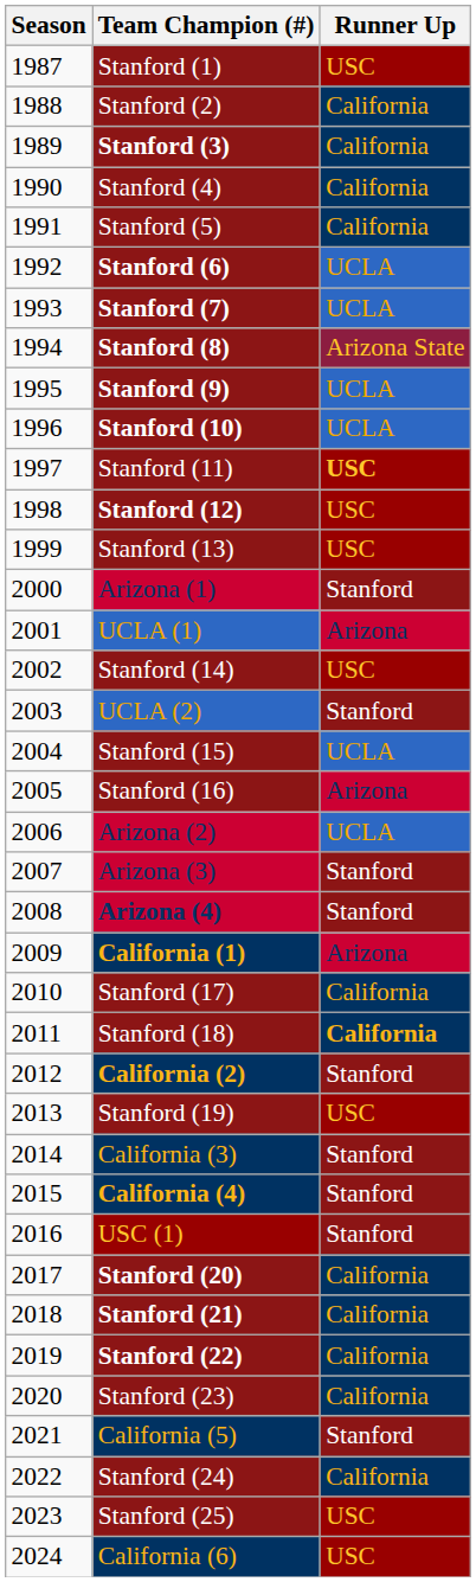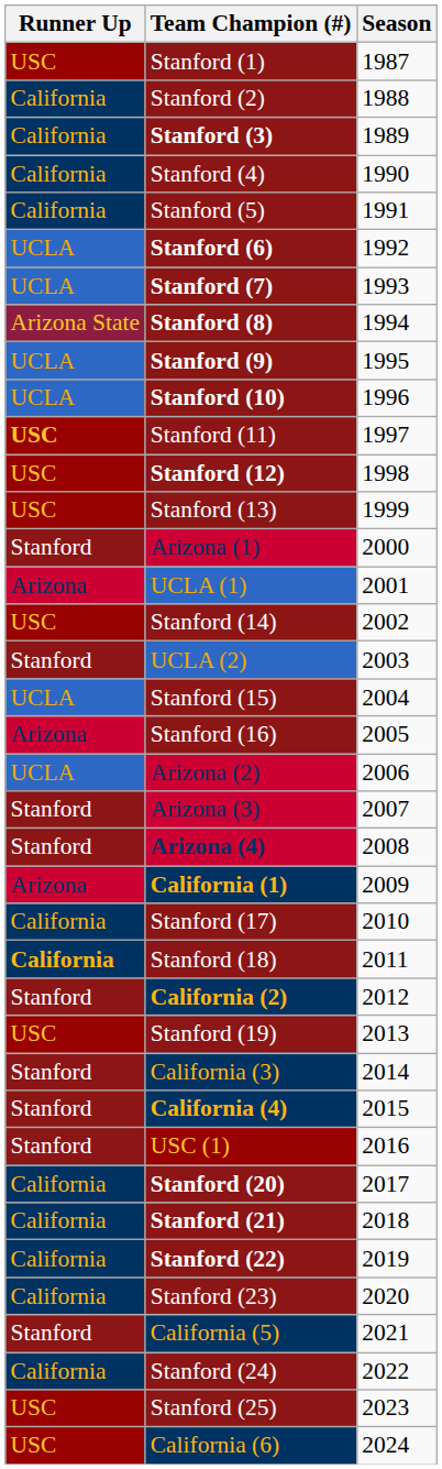 <table class="wikitable">
 <tr>
+<th>Runner Up</th>
+<th>Team Champion (#)</th>
 <th>Season</th>
-<th>Team Champion (#)</th>
-<th>Runner Up</th>
 </tr>
 <tr>
+<td style="background:#990000; color:#FFC72C;">USC</td>
+<td style="background:#8C1515; color:#FFFFFF;">Stanford (1)</td>
 <td>1987</td>
-<td style="background:#8C1515; color:#FFFFFF;">Stanford (1)</td>
-<td style="background:#990000; color:#FFC72C;">USC</td>
 </tr>
 <tr>
+<td style="background:#003262; color:#FDB515;">California</td>
+<td style="background:#8C1515; color:#FFFFFF;">Stanford (2)</td>
 <td>1988</td>
-<td style="background:#8C1515; color:#FFFFFF;">Stanford (2)</td>
-<td style="background:#003262; color:#FDB515;">California</td>
 </tr>
 <tr>
+<td style="background:#003262; color:#FDB515;">California</td>
+<td style="background:#8C1515; color:#FFFFFF;"><strong>Stanford (3)</strong></td>
 <td>1989</td>
-<td style="background:#8C1515; color:#FFFFFF;"><strong>Stanford (3)</strong></td>
-<td style="background:#003262; color:#FDB515;">California</td>
 </tr>
 <tr>
+<td style="background:#003262; color:#FDB515;">California</td>
+<td style="background:#8C1515; color:#FFFFFF;">Stanford (4)</td>
 <td>1990</td>
-<td style="background:#8C1515; color:#FFFFFF;">Stanford (4)</td>
-<td style="background:#003262; color:#FDB515;">California</td>
 </tr>
 <tr>
+<td style="background:#003262; color:#FDB515;">California</td>
+<td style="background:#8C1515; color:#FFFFFF;">Stanford (5)</td>
 <td>1991</td>
-<td style="background:#8C1515; color:#FFFFFF;">Stanford (5)</td>
-<td style="background:#003262; color:#FDB515;">California</td>
 </tr>
 <tr>
+<td style="background:#2D68C4; color:#F2A900;">UCLA</td>
+<td style="background:#8C1515; color:#FFFFFF;"><strong>Stanford (6)</strong></td>
 <td>1992</td>
-<td style="background:#8C1515; color:#FFFFFF;"><strong>Stanford (6)</strong></td>
-<td style="background:#2D68C4; color:#F2A900;">UCLA</td>
 </tr>
 <tr>
+<td style="background:#2D68C4; color:#F2A900;">UCLA</td>
+<td style="background:#8C1515; color:#FFFFFF;"><strong>Stanford (7)</strong></td>
 <td>1993</td>
-<td style="background:#8C1515; color:#FFFFFF;"><strong>Stanford (7)</strong></td>
-<td style="background:#2D68C4; color:#F2A900;">UCLA</td>
 </tr>
 <tr>
+<td style="background:#8C1D40; color:#FFC627;">Arizona State</td>
+<td style="background:#8C1515; color:#FFFFFF;"><strong>Stanford (8)</strong></td>
 <td>1994</td>
-<td style="background:#8C1515; color:#FFFFFF;"><strong>Stanford (8)</strong></td>
-<td style="background:#8C1D40; color:#FFC627;">Arizona State</td>
 </tr>
 <tr>
+<td style="background:#2D68C4; color:#F2A900;">UCLA</td>
+<td style="background:#8C1515; color:#FFFFFF;"><strong>Stanford (9)</strong></td>
 <td>1995</td>
-<td style="background:#8C1515; color:#FFFFFF;"><strong>Stanford (9)</strong></td>
-<td style="background:#2D68C4; color:#F2A900;">UCLA</td>
 </tr>
 <tr>
+<td style="background:#2D68C4; color:#F2A900;">UCLA</td>
+<td style="background:#8C1515; color:#FFFFFF;"><strong>Stanford (10)</strong></td>
 <td>1996</td>
-<td style="background:#8C1515; color:#FFFFFF;"><strong>Stanford (10)</strong></td>
-<td style="background:#2D68C4; color:#F2A900;">UCLA</td>
 </tr>
 <tr>
+<td style="background:#990000; color:#FFC72C;"><strong>USC</strong></td>
+<td style="background:#8C1515; color:#FFFFFF;">Stanford (11)</td>
 <td>1997</td>
-<td style="background:#8C1515; color:#FFFFFF;">Stanford (11)</td>
-<td style="background:#990000; color:#FFC72C;"><strong>USC</strong></td>
 </tr>
 <tr>
+<td style="background:#990000; color:#FFC72C;">USC</td>
+<td style="background:#8C1515; color:#FFFFFF;"><strong>Stanford (12)</strong></td>
 <td>1998</td>
-<td style="background:#8C1515; color:#FFFFFF;"><strong>Stanford (12)</strong></td>
-<td style="background:#990000; color:#FFC72C;">USC</td>
 </tr>
 <tr>
+<td style="background:#990000; color:#FFC72C;">USC</td>
+<td style="background:#8C1515; color:#FFFFFF;">Stanford (13)</td>
 <td>1999</td>
-<td style="background:#8C1515; color:#FFFFFF;">Stanford (13)</td>
-<td style="background:#990000; color:#FFC72C;">USC</td>
 </tr>
 <tr>
+<td style="background:#8C1515; color:#FFFFFF;">Stanford</td>
+<td style="background:#CC0033; color:#003366;">Arizona (1)</td>
 <td>2000</td>
-<td style="background:#CC0033; color:#003366;">Arizona (1)</td>
-<td style="background:#8C1515; color:#FFFFFF;">Stanford</td>
 </tr>
 <tr>
+<td style="background:#CC0033; color:#003366;">Arizona</td>
+<td style="background:#2D68C4; color:#F2A900;">UCLA (1)</td>
 <td>2001</td>
-<td style="background:#2D68C4; color:#F2A900;">UCLA (1)</td>
-<td style="background:#CC0033; color:#003366;">Arizona</td>
 </tr>
 <tr>
+<td style="background:#990000; color:#FFC72C;">USC</td>
+<td style="background:#8C1515; color:#FFFFFF;">Stanford (14)</td>
 <td>2002</td>
-<td style="background:#8C1515; color:#FFFFFF;">Stanford (14)</td>
-<td style="background:#990000; color:#FFC72C;">USC</td>
 </tr>
 <tr>
+<td style="background:#8C1515; color:#FFFFFF;">Stanford</td>
+<td style="background:#2D68C4; color:#F2A900;">UCLA (2)</td>
 <td>2003</td>
-<td style="background:#2D68C4; color:#F2A900;">UCLA (2)</td>
-<td style="background:#8C1515; color:#FFFFFF;">Stanford</td>
 </tr>
 <tr>
+<td style="background:#2D68C4; color:#F2A900;">UCLA</td>
+<td style="background:#8C1515; color:#FFFFFF;">Stanford (15)</td>
 <td>2004</td>
-<td style="background:#8C1515; color:#FFFFFF;">Stanford (15)</td>
-<td style="background:#2D68C4; color:#F2A900;">UCLA</td>
 </tr>
 <tr>
+<td style="background:#CC0033; color:#003366;">Arizona</td>
+<td style="background:#8C1515; color:#FFFFFF;">Stanford (16)</td>
 <td>2005</td>
-<td style="background:#8C1515; color:#FFFFFF;">Stanford (16)</td>
-<td style="background:#CC0033; color:#003366;">Arizona</td>
 </tr>
 <tr>
+<td style="background:#2D68C4; color:#F2A900;">UCLA</td>
+<td style="background:#CC0033; color:#003366;">Arizona (2)</td>
 <td>2006</td>
-<td style="background:#CC0033; color:#003366;">Arizona (2)</td>
-<td style="background:#2D68C4; color:#F2A900;">UCLA</td>
 </tr>
 <tr>
+<td style="background:#8C1515; color:#FFFFFF;">Stanford</td>
+<td style="background:#CC0033; color:#003366;">Arizona (3)</td>
 <td>2007</td>
-<td style="background:#CC0033; color:#003366;">Arizona (3)</td>
-<td style="background:#8C1515; color:#FFFFFF;">Stanford</td>
 </tr>
 <tr>
+<td style="background:#8C1515; color:#FFFFFF;">Stanford</td>
+<td style="background:#CC0033; color:#003366;"><strong>Arizona (4)</strong></td>
 <td>2008</td>
-<td style="background:#CC0033; color:#003366;"><strong>Arizona (4)</strong></td>
-<td style="background:#8C1515; color:#FFFFFF;">Stanford</td>
 </tr>
 <tr>
+<td style="background:#CC0033; color:#003366;">Arizona</td>
+<td style="background:#003262; color:#FDB515;"><strong>California (1)</strong></td>
 <td>2009</td>
-<td style="background:#003262; color:#FDB515;"><strong>California (1)</strong></td>
-<td style="background:#CC0033; color:#003366;">Arizona</td>
 </tr>
 <tr>
+<td style="background:#003262; color:#FDB515;">California</td>
+<td style="background:#8C1515; color:#FFFFFF;">Stanford (17)</td>
 <td>2010</td>
-<td style="background:#8C1515; color:#FFFFFF;">Stanford (17)</td>
-<td style="background:#003262; color:#FDB515;">California</td>
 </tr>
 <tr>
+<td style="background:#003262; color:#FDB515;"><strong>California</strong></td>
+<td style="background:#8C1515; color:#FFFFFF;">Stanford (18)</td>
 <td>2011</td>
-<td style="background:#8C1515; color:#FFFFFF;">Stanford (18)</td>
-<td style="background:#003262; color:#FDB515;"><strong>California</strong></td>
 </tr>
 <tr>
+<td style="background:#8C1515; color:#FFFFFF;">Stanford</td>
+<td style="background:#003262; color:#FDB515;"><strong>California (2)</strong></td>
 <td>2012</td>
-<td style="background:#003262; color:#FDB515;"><strong>California (2)</strong></td>
-<td style="background:#8C1515; color:#FFFFFF;">Stanford</td>
 </tr>
 <tr>
+<td style="background:#990000; color:#FFC72C;">USC</td>
+<td style="background:#8C1515; color:#FFFFFF;">Stanford (19)</td>
 <td>2013</td>
-<td style="background:#8C1515; color:#FFFFFF;">Stanford (19)</td>
-<td style="background:#990000; color:#FFC72C;">USC</td>
 </tr>
 <tr>
+<td style="background:#8C1515; color:#FFFFFF;">Stanford</td>
+<td style="background:#003262; color:#FDB515;">California (3)</td>
 <td>2014</td>
-<td style="background:#003262; color:#FDB515;">California (3)</td>
-<td style="background:#8C1515; color:#FFFFFF;">Stanford</td>
 </tr>
 <tr>
+<td style="background:#8C1515; color:#FFFFFF;">Stanford</td>
+<td style="background:#003262; color:#FDB515;"><strong>California (4)</strong></td>
 <td>2015</td>
-<td style="background:#003262; color:#FDB515;"><strong>California (4)</strong></td>
-<td style="background:#8C1515; color:#FFFFFF;">Stanford</td>
 </tr>
 <tr>
+<td style="background:#8C1515; color:#FFFFFF;">Stanford</td>
+<td style="background:#990000; color:#FFC72C;">USC (1)</td>
 <td>2016</td>
-<td style="background:#990000; color:#FFC72C;">USC (1)</td>
-<td style="background:#8C1515; color:#FFFFFF;">Stanford</td>
 </tr>
 <tr>
+<td style="background:#003262; color:#FDB515;">California</td>
+<td style="background:#8C1515; color:#FFFFFF;"><strong>Stanford (20)</strong></td>
 <td>2017</td>
-<td style="background:#8C1515; color:#FFFFFF;"><strong>Stanford (20)</strong></td>
-<td style="background:#003262; color:#FDB515;">California</td>
 </tr>
 <tr>
+<td style="background:#003262; color:#FDB515;">California</td>
+<td style="background:#8C1515; color:#FFFFFF;"><strong>Stanford (21)</strong></td>
 <td>2018</td>
-<td style="background:#8C1515; color:#FFFFFF;"><strong>Stanford (21)</strong></td>
-<td style="background:#003262; color:#FDB515;">California</td>
 </tr>
 <tr>
+<td style="background:#003262; color:#FDB515;">California</td>
+<td style="background:#8C1515; color:#FFFFFF;"><strong>Stanford (22)</strong></td>
 <td>2019</td>
-<td style="background:#8C1515; color:#FFFFFF;"><strong>Stanford (22)</strong></td>
-<td style="background:#003262; color:#FDB515;">California</td>
 </tr>
 <tr>
+<td style="background:#003262; color:#FDB515;">California</td>
+<td style="background:#8C1515; color:#FFFFFF;">Stanford (23)</td>
 <td>2020</td>
-<td style="background:#8C1515; color:#FFFFFF;">Stanford (23)</td>
-<td style="background:#003262; color:#FDB515;">California</td>
 </tr>
 <tr>
+<td style="background:#8C1515; color:#FFFFFF;">Stanford</td>
+<td style="background:#003262; color:#FDB515;">California (5)</td>
 <td>2021</td>
-<td style="background:#003262; color:#FDB515;">California (5)</td>
-<td style="background:#8C1515; color:#FFFFFF;">Stanford</td>
 </tr>
 <tr>
+<td style="background:#003262; color:#FDB515;">California</td>
+<td style="background:#8C1515; color:#FFFFFF;">Stanford (24)</td>
 <td>2022</td>
-<td style="background:#8C1515; color:#FFFFFF;">Stanford (24)</td>
-<td style="background:#003262; color:#FDB515;">California</td>
 </tr>
 <tr>
+<td style="background:#990000; color:#FFC72C;">USC</td>
+<td style="background:#8C1515; color:#FFFFFF;">Stanford (25)</td>
 <td>2023</td>
-<td style="background:#8C1515; color:#FFFFFF;">Stanford (25)</td>
-<td style="background:#990000; color:#FFC72C;">USC</td>
 </tr>
 <tr>
+<td style="background:#990000; color:#FFC72C;">USC</td>
+<td style="background:#003262; color:#FDB515;">California (6)</td>
 <td>2024</td>
-<td style="background:#003262; color:#FDB515;">California (6)</td>
-<td style="background:#990000; color:#FFC72C;">USC</td>
 </tr>
 </table>
